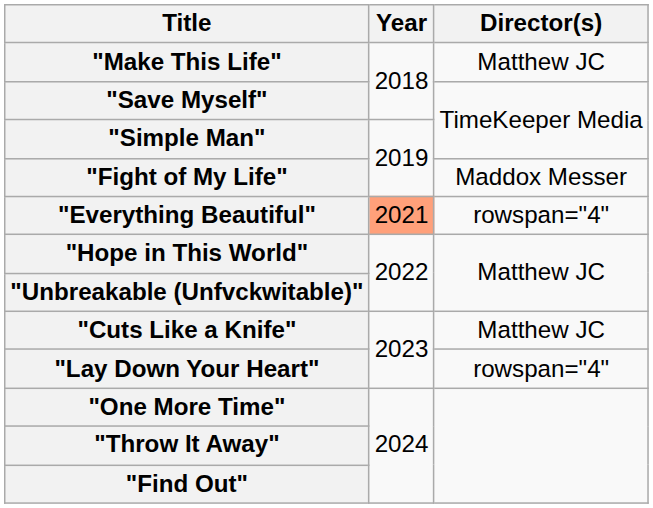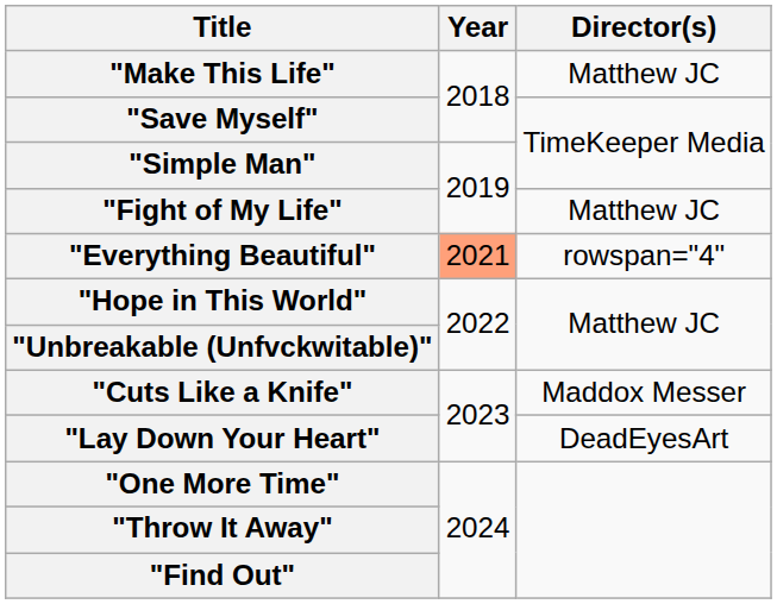 <table class="wikitable plainrowheaders" style="text-align:center;">
 <tr>
 <th scope="col">Title</th>
 <th scope="col">Year</th>
 <th scope="col">Director(s)</th>
 </tr>
 <tr>
 <th scope="row">"Make This Life"</th>
 <td rowspan="2">2018</td>
 <td>Matthew JC</td>
 </tr>
 <tr>
 <th scope="row">"Save Myself"</th>
 <td rowspan="2">TimeKeeper Media</td>
 </tr>
 <tr>
 <th scope="row">"Simple Man"</th>
 <td rowspan="2">2019</td>
 </tr>
 <tr>
 <th scope="row">"Fight of My Life"</th>
-<td>Maddox Messer</td>
+<td>Matthew JC</td>
 </tr>
 <tr>
 <th scope="row">"Everything Beautiful"</th>
 <td style="background: lightsalmon;">2021</td>
 <td>rowspan="4" </td>
 </tr>
 <tr>
 <th scope="row">"Hope in This World"</th>
 <td rowspan="2">2022</td>
 <td rowspan="2">Matthew JC</td>
 </tr>
 <tr>
 <th scope="row">"Unbreakable (Unfvckwitable)"</th>
 </tr>
 <tr>
 <th scope="row">"Cuts Like a Knife"</th>
 <td rowspan="2">2023</td>
-<td>Matthew JC</td>
+<td>Maddox Messer</td>
 </tr>
 <tr>
 <th scope="row">"Lay Down Your Heart"</th>
-<td>rowspan="4" </td>
+<td>DeadEyesArt</td>
 </tr>
 <tr>
 <th scope="row">"One More Time"</th>
 <td rowspan="3">2024</td>
 </tr>
 <tr>
 <th scope="row">"Throw It Away"</th>
 </tr>
 <tr>
 <th scope="row">"Find Out"</th>
 </tr>
 </table>
